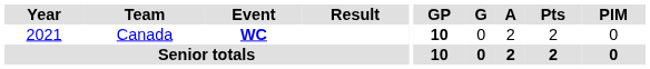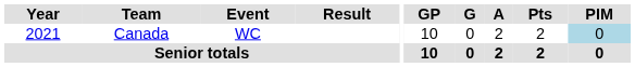 <table border="0" cellpadding="1" cellspacing="0" ID="Table3" style="text-align:center; width:40em">
 <tr ALIGN="center" bgcolor="#e0e0e0">
 <th>Year</th>
 <th>Team</th>
 <th>Event</th>
 <th>Result</th>
 <th rowspan="99" bgcolor="#ffffff"></th>
 <th>GP</th>
 <th>G</th>
 <th>A</th>
 <th>Pts</th>
 <th>PIM</th>
 </tr>
 <tr>
 <td><a href='#'>2021</a></td>
 <td><a href='#'>Canada</a></td>
-<td><strong><a href='#'>WC</a></strong></td>
+<td><a href='#'>WC</a></td>
 <td></td>
-<td><strong>10</strong></td>
+<td>10</td>
 <td>0</td>
 <td>2</td>
 <td>2</td>
-<td>0</td>
+<td style="background: lightblue;">0</td>
 </tr>
 <tr bgcolor="#e0e0e0">
 <th colspan="4">Senior totals</th>
 <th>10</th>
 <th>0</th>
 <th>2</th>
 <th>2</th>
 <th>0</th>
 </tr>
 </table>
